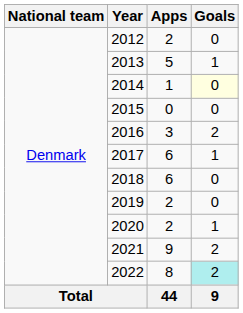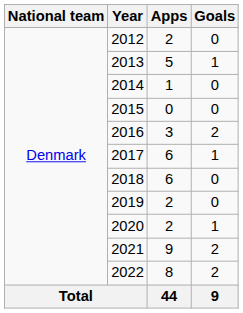 <table class="wikitable" style="text-align:center">
 <tr>
 <th>National team</th>
 <th>Year</th>
 <th>Apps</th>
 <th>Goals</th>
 </tr>
 <tr>
 <td rowspan="11"><a href='#'>Denmark</a></td>
 <td>2012</td>
 <td>2</td>
 <td>0</td>
 </tr>
 <tr>
 <td>2013</td>
 <td>5</td>
 <td>1</td>
 </tr>
 <tr>
 <td>2014</td>
 <td>1</td>
-<td style="background: lightyellow;">0</td>
+<td>0</td>
 </tr>
 <tr>
 <td>2015</td>
 <td>0</td>
 <td>0</td>
 </tr>
 <tr>
 <td>2016</td>
 <td>3</td>
 <td>2</td>
 </tr>
 <tr>
 <td>2017</td>
 <td>6</td>
 <td>1</td>
 </tr>
 <tr>
 <td>2018</td>
 <td>6</td>
 <td>0</td>
 </tr>
 <tr>
 <td>2019</td>
 <td>2</td>
 <td>0</td>
 </tr>
 <tr>
 <td>2020</td>
 <td>2</td>
 <td>1</td>
 </tr>
 <tr>
 <td>2021</td>
 <td>9</td>
 <td>2</td>
 </tr>
 <tr>
 <td>2022</td>
 <td>8</td>
-<td style="background: paleturquoise;">2</td>
+<td>2</td>
 </tr>
 <tr>
 <th colspan="2">Total</th>
 <th>44</th>
 <th>9</th>
 </tr>
 </table>
